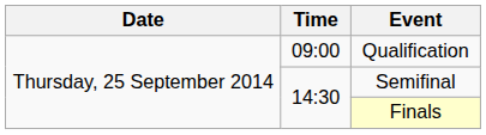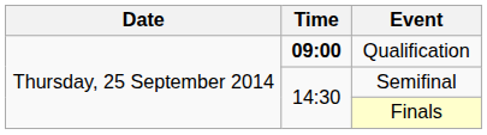 <table class = "wikitable" style="text-align:center;">
 <tr>
 <th width=220>Date</th>
 <th width=50>Time</th>
 <th width=100>Event</th>
 </tr>
 <tr>
 <td rowspan=3>Thursday, 25 September 2014</td>
-<td>09:00</td>
+<td><strong>09:00</strong></td>
 <td>Qualification</td>
 </tr>
 <tr>
 <td rowspan=2>14:30</td>
 <td>Semifinal</td>
 </tr>
 <tr>
 <td bgcolor=ffffcc>Finals</td>
 </tr>
 </table>
